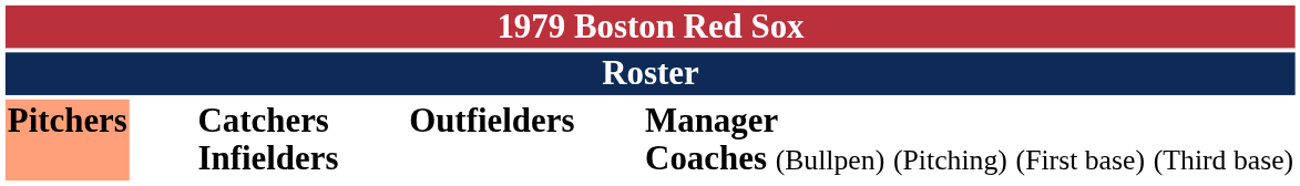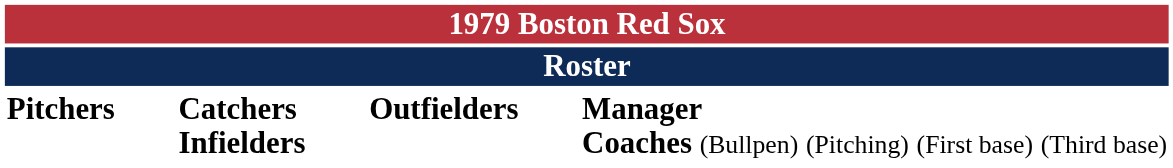 <table class="toccolours" style="text-align: left;">
 <tr>
 <th colspan="10" style="background-color: #ba313c; color: white; text-align: center;">1979 Boston Red Sox</th>
 </tr>
 <tr>
 <td colspan="10" style="background-color: #0d2b56; color: white; text-align: center;"><strong>Roster</strong></td>
 </tr>
 <tr>
-<td valign="top" style="background: lightsalmon;"><strong>Pitchers</strong><br>             </td>
+<td valign="top"><strong>Pitchers</strong><br>             </td>
 <td width="25px"></td>
 <td valign="top"><strong>Catchers</strong><br>    <strong>Infielders</strong>            </td>
 <td width="25px"></td>
 <td valign="top"><strong>Outfielders</strong><br>   </td>
 <td width="25px"></td>
 <td valign="top"><strong>Manager</strong><br> <strong>Coaches</strong>  <small>(Bullpen)</small>  <small>(Pitching)</small>  <small>(First base)</small>  <small>(Third base)</small></td>
 </tr>
 <tr>
 </tr>
 </table>
